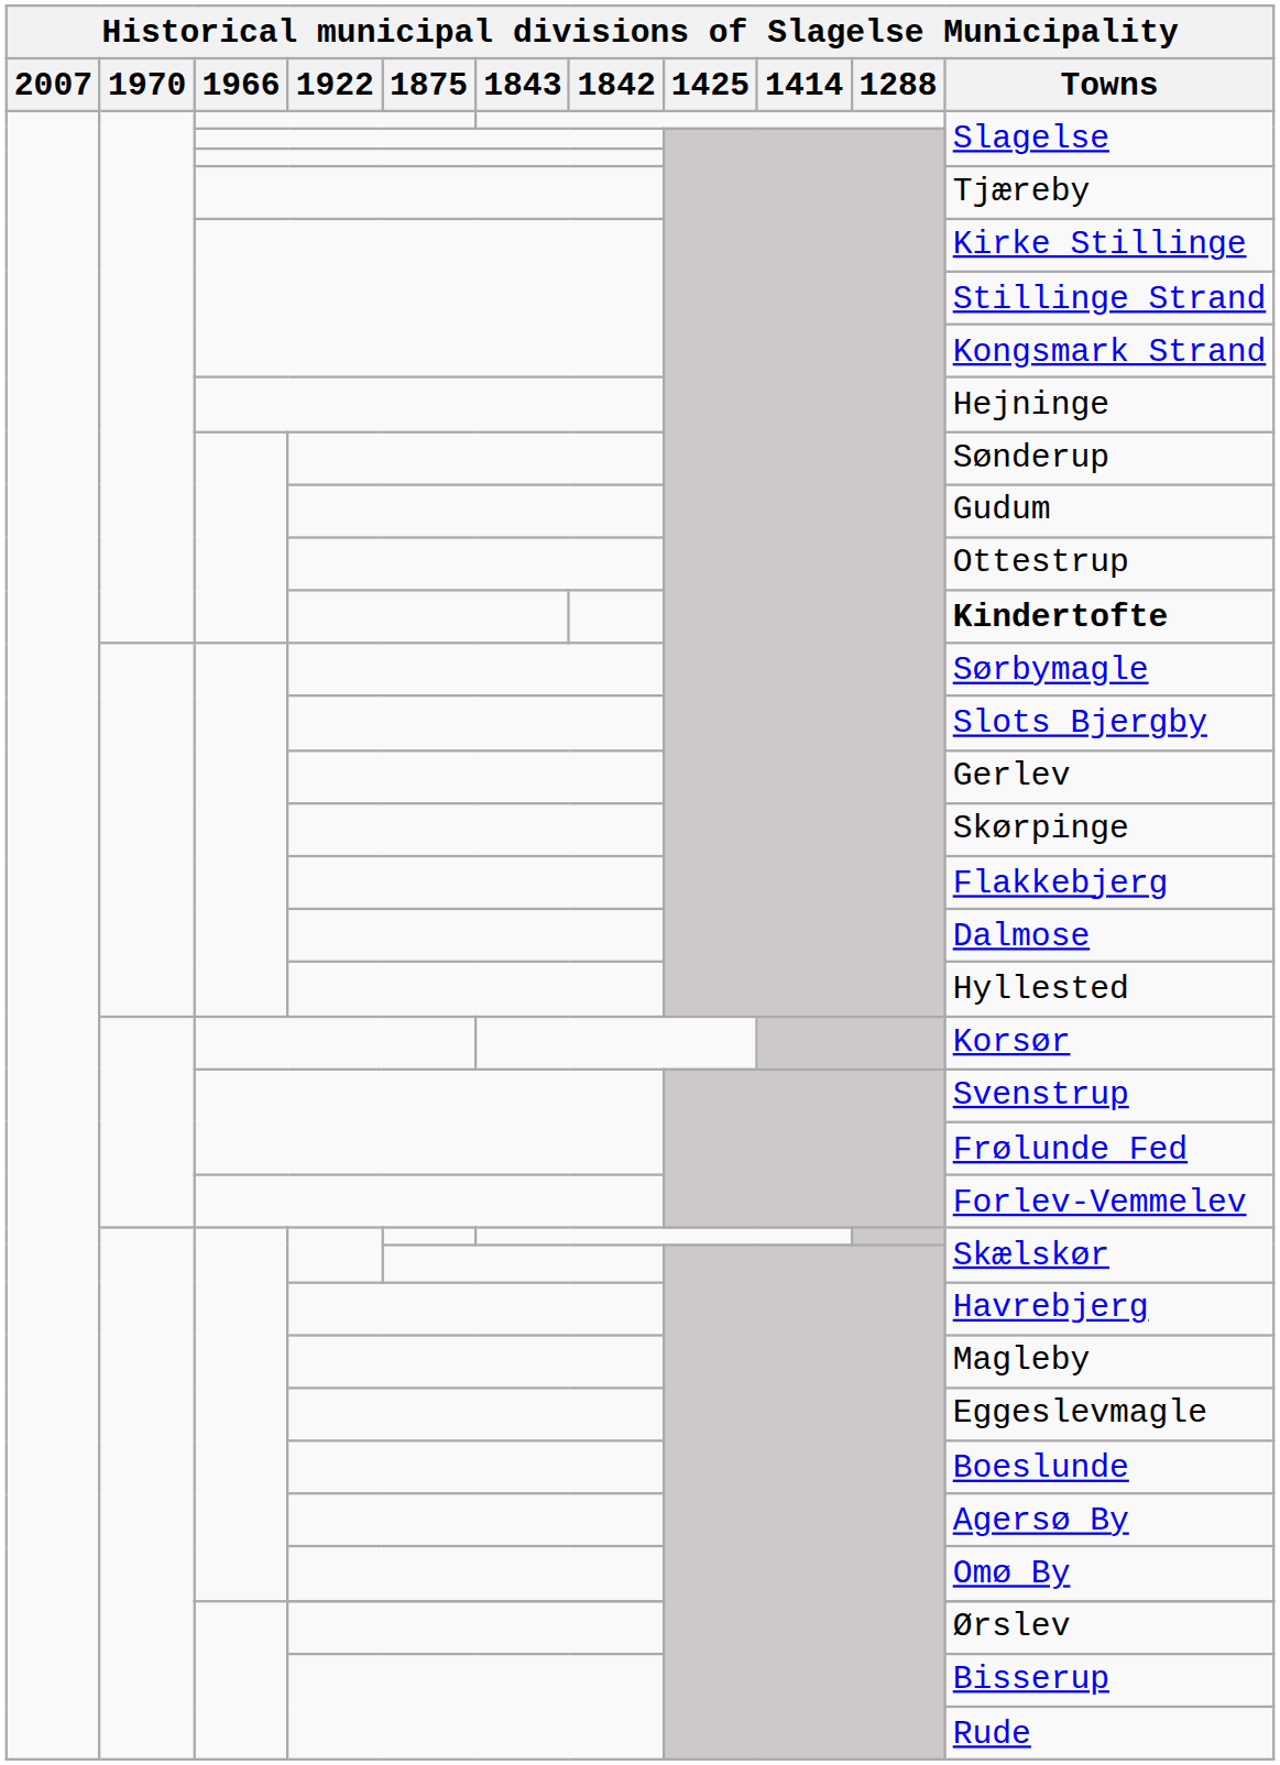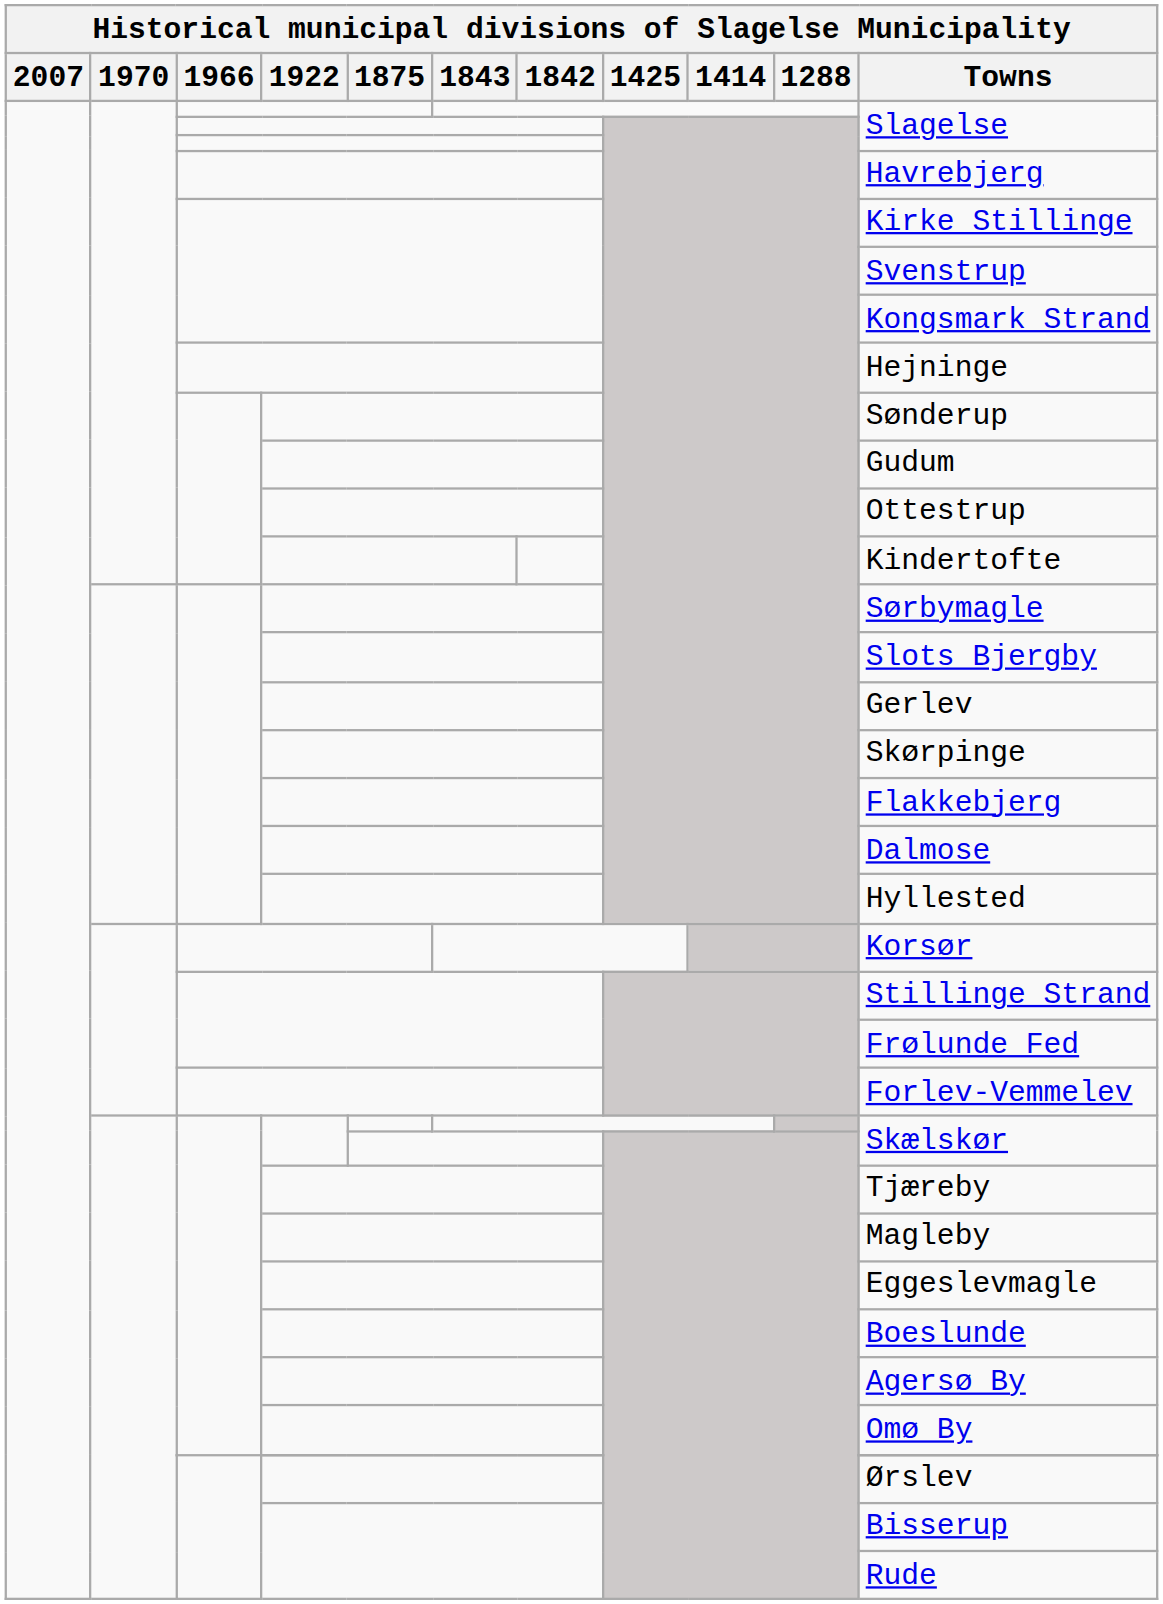 <table class="wikitable" style="margin-left:1em;" style="text-align: center">
 <tr>
 <th colspan="99">Historical municipal divisions of Slagelse Municipality</th>
 </tr>
 <tr>
 <th>2007</th>
 <th>1970</th>
 <th>1966</th>
 <th>1922</th>
 <th>1875</th>
 <th>1843</th>
 <th>1842</th>
 <th>1425</th>
 <th>1414</th>
 <th>1288</th>
 <th>Towns</th>
 </tr>
 <tr>
 <td rowspan="99"></td>
 <td rowspan="12"></td>
 <td colspan="3"></td>
 <td colspan="5"></td>
 <td rowspan="3"><a href='#'>Slagelse</a></td>
 </tr>
 <tr>
 <td colspan="5"></td>
 <td rowspan="18" colspan="3" style="background:#CDC9C9;"></td>
 </tr>
 <tr>
 <td colspan="5"></td>
 </tr>
 <tr>
 <td colspan="5"></td>
-<td>Tjæreby</td>
+<td><a href='#'>Havrebjerg</a></td>
 </tr>
 <tr>
 <td colspan="5" rowspan="3"></td>
 <td><a href='#'>Kirke Stillinge</a></td>
 </tr>
 <tr>
-<td><a href='#'>Stillinge Strand</a></td>
+<td><a href='#'>Svenstrup</a></td>
 </tr>
 <tr>
 <td><a href='#'>Kongsmark Strand</a></td>
 </tr>
 <tr>
 <td colspan="5"></td>
 <td>Hejninge</td>
 </tr>
 <tr>
 <td rowspan="4"></td>
 <td colspan="4"></td>
 <td>Sønderup</td>
 </tr>
 <tr>
 <td colspan="4"></td>
 <td>Gudum</td>
 </tr>
 <tr>
 <td colspan="4"></td>
 <td>Ottestrup</td>
 </tr>
 <tr>
 <td colspan="3"></td>
 <td></td>
-<td><strong>Kindertofte</strong></td>
+<td>Kindertofte</td>
 </tr>
 <tr>
 <td rowspan="7"></td>
 <td rowspan="7"></td>
 <td colspan="4"></td>
 <td><a href='#'>Sørbymagle</a></td>
 </tr>
 <tr>
 <td colspan="4"></td>
 <td><a href='#'>Slots Bjergby</a></td>
 </tr>
 <tr>
 <td colspan="4"></td>
 <td>Gerlev</td>
 </tr>
 <tr>
 <td colspan="4"></td>
 <td>Skørpinge</td>
 </tr>
 <tr>
 <td colspan="4"></td>
 <td><a href='#'>Flakkebjerg</a></td>
 </tr>
 <tr>
 <td colspan="4"></td>
 <td><a href='#'>Dalmose</a></td>
 </tr>
 <tr>
 <td colspan="4"></td>
 <td>Hyllested</td>
 </tr>
 <tr>
 <td rowspan="4"></td>
 <td colspan="3"></td>
 <td colspan="3"></td>
 <td style="background:#CDC9C9;" colspan="2"></td>
 <td><a href='#'>Korsør</a></td>
 </tr>
 <tr>
 <td colspan="5" rowspan="2"></td>
 <td rowspan="3" colspan="3" style="background:#CDC9C9;"></td>
-<td><a href='#'>Svenstrup</a></td>
+<td><a href='#'>Stillinge Strand</a></td>
 </tr>
 <tr>
 <td><a href='#'>Frølunde Fed</a></td>
 </tr>
 <tr>
 <td colspan="5"></td>
 <td><a href='#'>Forlev-Vemmelev</a></td>
 </tr>
 <tr>
 <td rowspan="14"></td>
 <td rowspan="8"></td>
 <td rowspan="2"></td>
 <td></td>
 <td colspan="4"></td>
 <td style="background:#CDC9C9;"></td>
 <td rowspan="2"><a href='#'>Skælskør</a></td>
 </tr>
 <tr>
 <td colspan="3"></td>
 <td rowspan="16" colspan="3" style="background:#CDC9C9;"></td>
 </tr>
 <tr>
 <td colspan="4"></td>
-<td><a href='#'>Havrebjerg</a></td>
+<td>Tjæreby</td>
 </tr>
 <tr>
 <td colspan="4"></td>
 <td>Magleby</td>
 </tr>
 <tr>
 <td colspan="4"></td>
 <td>Eggeslevmagle</td>
 </tr>
 <tr>
 <td colspan="4"></td>
 <td><a href='#'>Boeslunde</a></td>
 </tr>
 <tr>
 <td colspan="4"></td>
 <td><a href='#'>Agersø By</a></td>
 </tr>
 <tr>
 <td colspan="4"></td>
 <td><a href='#'>Omø By</a></td>
 </tr>
 <tr>
 <td rowspan="4"></td>
 </tr>
 <tr>
 <td colspan="4"></td>
 <td>Ørslev</td>
 </tr>
 <tr>
 <td colspan="4" rowspan="2"></td>
 <td><a href='#'>Bisserup</a></td>
 </tr>
 <tr>
 <td><a href='#'>Rude</a></td>
 </tr>
 </table>
